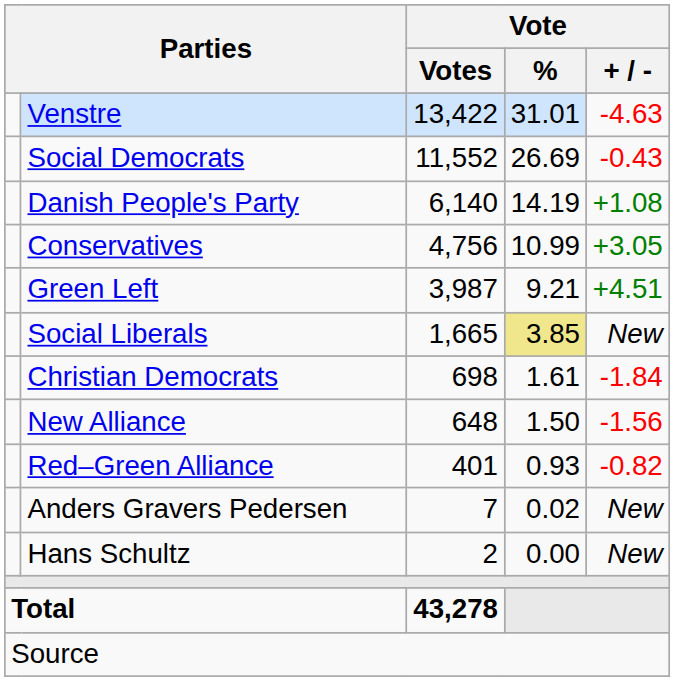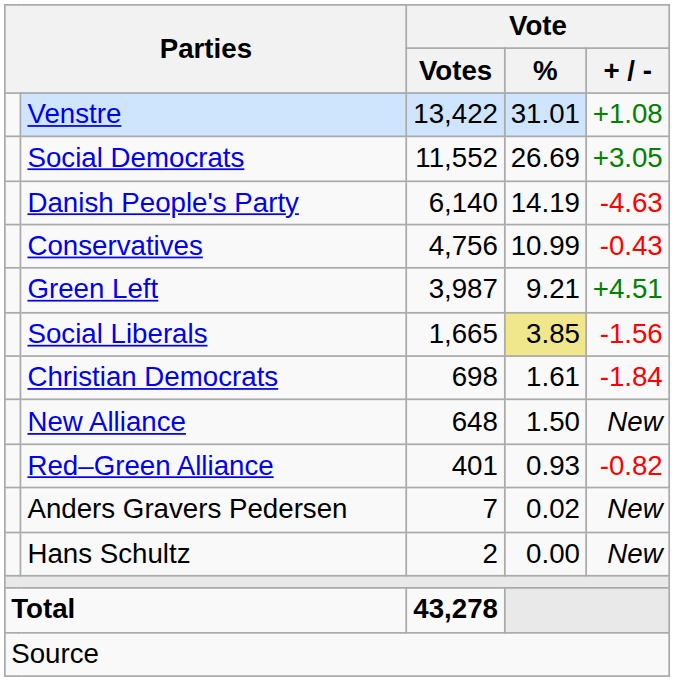 <table class="wikitable" style="text-align:right;">
 <tr>
 <th style="text-align:centre;" rowspan="2" colspan="2" width="225">Parties</th>
 <th colspan="3">Vote</th>
 </tr>
 <tr>
 <th width="15">Votes</th>
 <th width="15">%</th>
 <th width="15">+ / -</th>
 </tr>
 <tr>
 <td width="2" style="color:inherit;background:"></td>
 <td bgcolor=#cfe5fe  align="left"><a href='#'>Venstre</a></td>
 <td bgcolor=#cfe5fe>13,422</td>
 <td bgcolor=#cfe5fe>31.01</td>
-<td style=color:red;>-4.63</td>
+<td style=color:green;>+1.08</td>
 </tr>
 <tr>
 <td width="2" style="color:inherit;background:"></td>
 <td align="left"><a href='#'>Social Democrats</a></td>
 <td>11,552</td>
 <td>26.69</td>
-<td style=color:red;>-0.43</td>
+<td style=color:green;>+3.05</td>
 </tr>
 <tr>
 <td width="2" style="color:inherit;background:"></td>
 <td align="left"><a href='#'>Danish People's Party</a></td>
 <td>6,140</td>
 <td>14.19</td>
-<td style=color:green;>+1.08</td>
+<td style=color:red;>-4.63</td>
 </tr>
 <tr>
 <td width="2" style="color:inherit;background:"></td>
 <td align="left"><a href='#'>Conservatives</a></td>
 <td>4,756</td>
 <td>10.99</td>
-<td style=color:green;>+3.05</td>
+<td style=color:red;>-0.43</td>
 </tr>
 <tr>
 <td width="2" style="color:inherit;background:"></td>
 <td align="left"><a href='#'>Green Left</a></td>
 <td>3,987</td>
 <td>9.21</td>
 <td style=color:green;>+4.51</td>
 </tr>
 <tr>
 <td width="2" style="color:inherit;background:"></td>
 <td align="left"><a href='#'>Social Liberals</a></td>
 <td>1,665</td>
 <td style="background: khaki;">3.85</td>
-<td><em>New</em></td>
+<td style=color:red;>-1.56</td>
 </tr>
 <tr>
 <td width="2" style="color:inherit;background:"></td>
 <td align="left"><a href='#'>Christian Democrats</a></td>
 <td>698</td>
 <td>1.61</td>
 <td style=color:red;>-1.84</td>
 </tr>
 <tr>
 <td width="2" style="color:inherit;background:"></td>
 <td align="left"><a href='#'>New Alliance</a></td>
 <td>648</td>
 <td>1.50</td>
-<td style=color:red;>-1.56</td>
+<td><em>New</em></td>
 </tr>
 <tr>
 <td width="2" style="color:inherit;background:"></td>
 <td align="left"><a href='#'>Red–Green Alliance</a></td>
 <td>401</td>
 <td>0.93</td>
 <td style=color:red;>-0.82</td>
 </tr>
 <tr>
 <td width="2" style="color:inherit;background:"></td>
 <td align="left">Anders Gravers Pedersen</td>
 <td>7</td>
 <td>0.02</td>
 <td><em>New</em></td>
 </tr>
 <tr>
 <td width="2" style="color:inherit;background:"></td>
 <td align="left">Hans Schultz</td>
 <td>2</td>
 <td>0.00</td>
 <td><em>New</em></td>
 </tr>
 <tr>
 <td colspan="7" bgcolor="#E9E9E9"></td>
 </tr>
 <tr>
 <td align="left" colspan="2"><strong>Total</strong></td>
 <td><strong>43,278</strong></td>
 <td bgcolor="#E9E9E9" colspan="2"></td>
 </tr>
 <tr>
 <td align="left" colspan="6">Source</td>
 </tr>
 </table>
